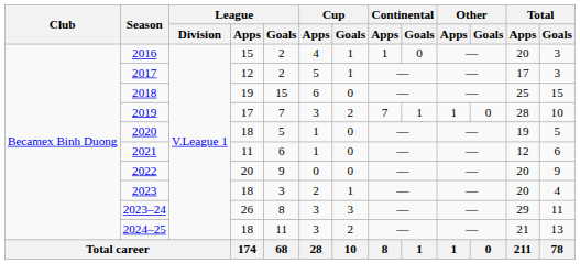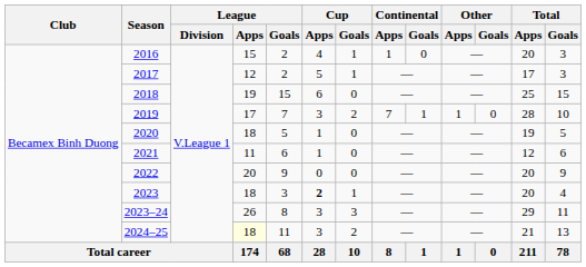 <table class="wikitable" style="text-align:center">
 <tr>
 <th rowspan="2">Club</th>
 <th rowspan="2">Season</th>
 <th colspan="3">League</th>
 <th colspan="2">Cup</th>
 <th colspan="2">Continental</th>
 <th colspan="2">Other</th>
 <th colspan="2">Total</th>
 </tr>
 <tr>
 <th>Division</th>
 <th>Apps</th>
 <th>Goals</th>
 <th>Apps</th>
 <th>Goals</th>
 <th>Apps</th>
 <th>Goals</th>
 <th>Apps</th>
 <th>Goals</th>
 <th>Apps</th>
 <th>Goals</th>
 </tr>
 <tr>
 <td rowspan=10><a href='#'>Becamex Binh Duong</a></td>
 <td><a href='#'>2016</a></td>
 <td rowspan=10><a href='#'>V.League 1</a></td>
 <td>15</td>
 <td>2</td>
 <td>4</td>
 <td>1</td>
 <td>1</td>
 <td>0</td>
 <td colspan=2>—</td>
 <td>20</td>
 <td>3</td>
 </tr>
 <tr>
 <td><a href='#'>2017</a></td>
 <td>12</td>
 <td>2</td>
 <td>5</td>
 <td>1</td>
 <td colspan=2>—</td>
 <td colspan=2>—</td>
 <td>17</td>
 <td>3</td>
 </tr>
 <tr>
 <td><a href='#'>2018</a></td>
 <td>19</td>
 <td>15</td>
 <td>6</td>
 <td>0</td>
 <td colspan=2>—</td>
 <td colspan=2>—</td>
 <td>25</td>
 <td>15</td>
 </tr>
 <tr>
 <td><a href='#'>2019</a></td>
 <td>17</td>
 <td>7</td>
 <td>3</td>
 <td>2</td>
 <td>7</td>
 <td>1</td>
 <td>1</td>
 <td>0</td>
 <td>28</td>
 <td>10</td>
 </tr>
 <tr>
 <td><a href='#'>2020</a></td>
 <td>18</td>
 <td>5</td>
 <td>1</td>
 <td>0</td>
 <td colspan=2>—</td>
 <td colspan=2>—</td>
 <td>19</td>
 <td>5</td>
 </tr>
 <tr>
 <td><a href='#'>2021</a></td>
 <td>11</td>
 <td>6</td>
 <td>1</td>
 <td>0</td>
 <td colspan=2>—</td>
 <td colspan=2>—</td>
 <td>12</td>
 <td>6</td>
 </tr>
 <tr>
 <td><a href='#'>2022</a></td>
 <td>20</td>
 <td>9</td>
 <td>0</td>
 <td>0</td>
 <td colspan=2>—</td>
 <td colspan=2>—</td>
 <td>20</td>
 <td>9</td>
 </tr>
 <tr>
 <td><a href='#'>2023</a></td>
 <td>18</td>
 <td>3</td>
-<td>2</td>
+<td><strong>2</strong></td>
 <td>1</td>
 <td colspan=2>—</td>
 <td colspan=2>—</td>
 <td>20</td>
 <td>4</td>
 </tr>
 <tr>
 <td><a href='#'>2023–24</a></td>
 <td>26</td>
 <td>8</td>
 <td>3</td>
 <td>3</td>
 <td colspan=2>—</td>
 <td colspan=2>—</td>
 <td>29</td>
 <td>11</td>
 </tr>
 <tr>
 <td><a href='#'>2024–25</a></td>
-<td>18</td>
+<td style="background: lightyellow;">18</td>
 <td>11</td>
 <td>3</td>
 <td>2</td>
 <td colspan=2>—</td>
 <td colspan=2>—</td>
 <td>21</td>
 <td>13</td>
 </tr>
 <tr>
 <th colspan=3>Total career</th>
 <th>174</th>
 <th>68</th>
 <th>28</th>
 <th>10</th>
 <th>8</th>
 <th>1</th>
 <th>1</th>
 <th>0</th>
 <th>211</th>
 <th>78</th>
 </tr>
 </table>
